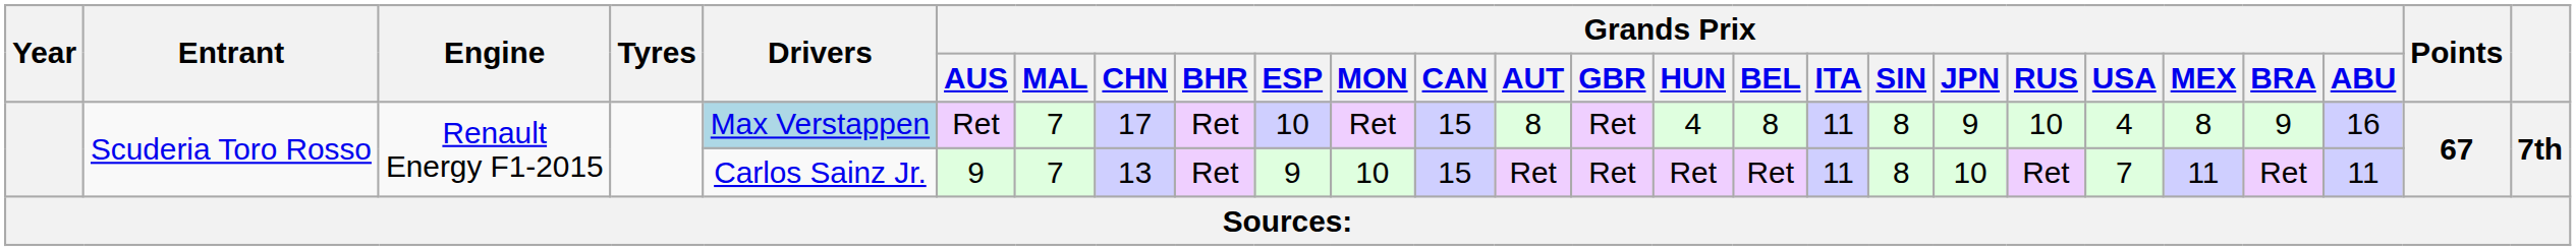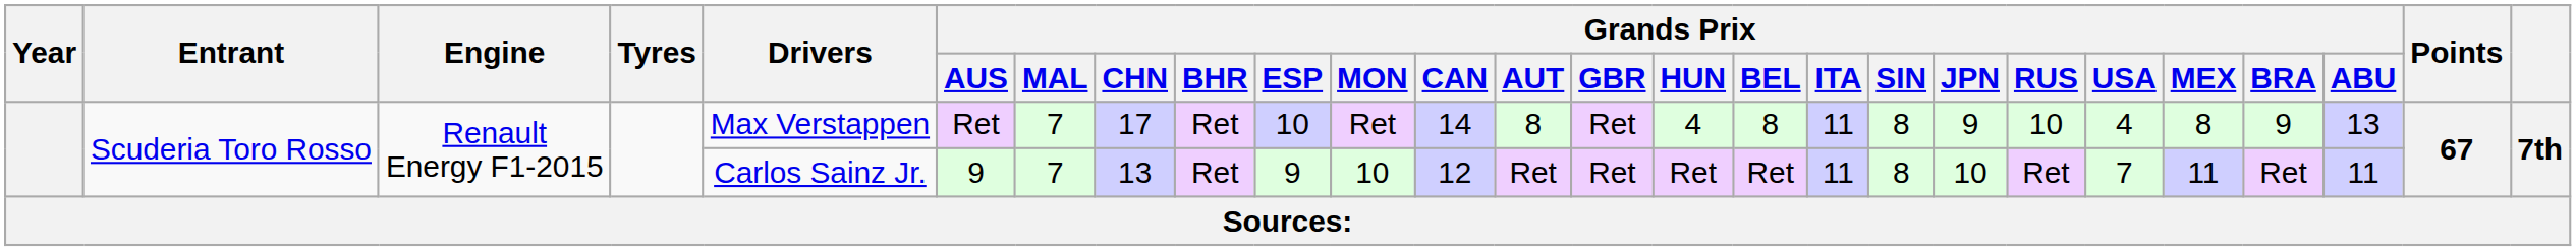 <table class="wikitable" style="text-align:center; font-size:90%">
 <tr>
 <th rowspan="2">Year</th>
 <th rowspan="2">Entrant</th>
 <th rowspan="2">Engine</th>
 <th rowspan="2">Tyres</th>
 <th rowspan="2">Drivers</th>
 <th colspan="19">Grands Prix</th>
 <th rowspan="2">Points</th>
 <th rowspan="2"></th>
 </tr>
 <tr>
 <th><a href='#'>AUS</a></th>
 <th><a href='#'>MAL</a></th>
 <th><a href='#'>CHN</a></th>
 <th><a href='#'>BHR</a></th>
 <th><a href='#'>ESP</a></th>
 <th><a href='#'>MON</a></th>
 <th><a href='#'>CAN</a></th>
 <th><a href='#'>AUT</a></th>
 <th><a href='#'>GBR</a></th>
 <th><a href='#'>HUN</a></th>
 <th><a href='#'>BEL</a></th>
 <th><a href='#'>ITA</a></th>
 <th><a href='#'>SIN</a></th>
 <th><a href='#'>JPN</a></th>
 <th><a href='#'>RUS</a></th>
 <th><a href='#'>USA</a></th>
 <th><a href='#'>MEX</a></th>
 <th><a href='#'>BRA</a></th>
 <th><a href='#'>ABU</a></th>
 </tr>
 <tr>
 <th rowspan=2></th>
 <td rowspan=2><a href='#'>Scuderia Toro Rosso</a></td>
 <td rowspan=2><a href='#'>Renault</a><br>Energy F1-2015</td>
 <td rowspan=2></td>
-<td align="center" style="background: lightblue;"> <a href='#'>Max Verstappen</a></td>
+<td align="center"> <a href='#'>Max Verstappen</a></td>
 <td style="background-color:#EFCFFF">Ret</td>
 <td style="background-color:#DFFFDF">7</td>
 <td style="background-color:#CFCFFF">17</td>
 <td style="background-color:#EFCFFF">Ret</td>
 <td style="background-color:#CFCFFF">10</td>
 <td style="background-color:#EFCFFF">Ret</td>
-<td style="background-color:#CFCFFF">15</td>
+<td style="background-color:#CFCFFF">14</td>
 <td style="background-color:#DFFFDF">8</td>
 <td style="background-color:#EFCFFF">Ret</td>
 <td style="background-color:#DFFFDF">4</td>
 <td style="background-color:#DFFFDF">8</td>
 <td style="background-color:#CFCFFF">11</td>
 <td style="background-color:#DFFFDF">8</td>
 <td style="background-color:#DFFFDF">9</td>
 <td style="background-color:#DFFFDF">10</td>
 <td style="background-color:#DFFFDF">4</td>
 <td style="background-color:#DFFFDF">8</td>
 <td style="background-color:#DFFFDF">9</td>
-<td style="background-color:#CFCFFF">16</td>
+<td style="background-color:#CFCFFF">13</td>
 <th rowspan="2">67</th>
 <th rowspan="2">7th</th>
 </tr>
 <tr>
 <td align="center"> <a href='#'>Carlos Sainz Jr.</a></td>
 <td style="background-color:#DFFFDF">9</td>
 <td style="background-color:#DFFFDF">7</td>
 <td style="background-color:#CFCFFF">13</td>
 <td style="background-color:#EFCFFF">Ret</td>
 <td style="background-color:#DFFFDF">9</td>
 <td style="background-color:#DFFFDF">10</td>
-<td style="background-color:#CFCFFF">15</td>
+<td style="background-color:#CFCFFF">12</td>
 <td style="background-color:#EFCFFF">Ret</td>
 <td style="background-color:#EFCFFF">Ret</td>
 <td style="background-color:#EFCFFF">Ret</td>
 <td style="background-color:#EFCFFF">Ret</td>
 <td style="background-color:#CFCFFF">11</td>
 <td style="background-color:#DFFFDF">8</td>
 <td style="background-color:#DFFFDF">10</td>
 <td style="background-color:#EFCFFF">Ret</td>
 <td style="background-color:#DFFFDF">7</td>
 <td style="background-color:#CFCFFF">11</td>
 <td style="background-color:#EFCFFF">Ret</td>
 <td style="background-color:#CFCFFF">11</td>
 </tr>
 <tr>
 <th colspan="26">Sources:</th>
 </tr>
 </table>
